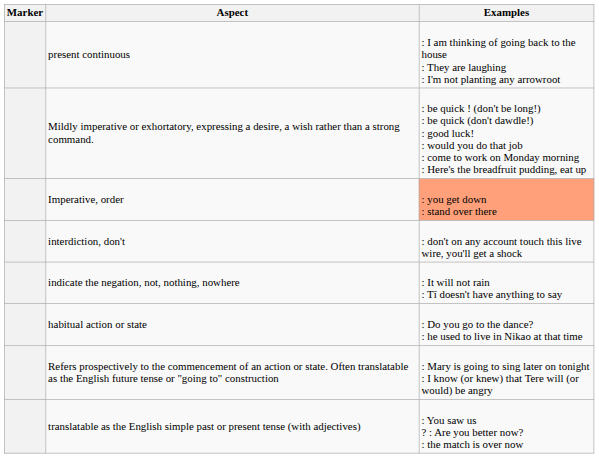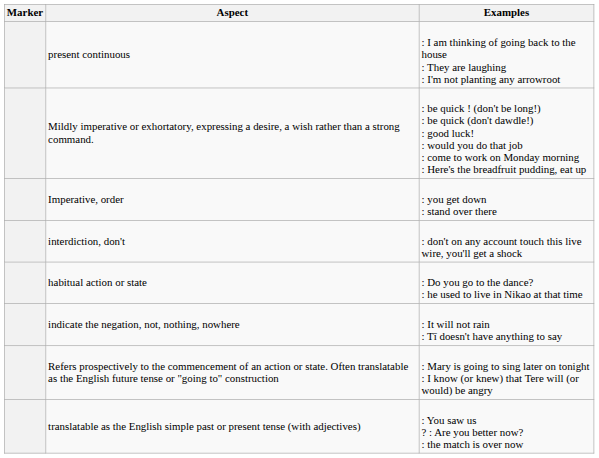 <table class="wikitable">
 <tr>
 <th>Marker</th>
 <th>Aspect</th>
 <th>Examples</th>
 </tr>
 <tr>
 <th></th>
 <td>present continuous</td>
 <td><br> : I am thinking of going back to the house <br>  : They are laughing <br>  : I'm not planting any arrowroot</td>
 </tr>
 <tr>
 <th></th>
 <td>Mildly imperative or exhortatory, expressing a desire, a wish rather than a strong command.</td>
 <td><br> : be quick ! (don't be long!) <br>  : be quick (don't dawdle!) <br>  : good luck! <br>   :  would you do that job <br>  :  come to work on Monday morning <br>  :  Here's the breadfruit pudding, eat up</td>
 </tr>
 <tr>
 <th></th>
 <td>Imperative, order</td>
-<td style="background: lightsalmon;"><br> :  you get down <br>  : stand over there</td>
+<td><br> :  you get down <br>  : stand over there</td>
 </tr>
 <tr>
 <th></th>
 <td>interdiction, don't</td>
 <td><br> :  don't on any account  touch this live wire, you'll get a shock</td>
 </tr>
 <tr>
 <th></th>
-<td>indicate the negation, not, nothing, nowhere</td>
-<td><br> : It will not rain <br>  : Tī doesn't have anything to say</td>
+<td>habitual action or state</td>
+<td><br> :  Do you go to the dance? <br>  :  he used to live in Nikao at that time</td>
 </tr>
 <tr>
 <th></th>
-<td>habitual action or state</td>
-<td><br> :  Do you go to the dance? <br>  :  he used to live in Nikao at that time</td>
+<td>indicate the negation, not, nothing, nowhere</td>
+<td><br> : It will not rain <br>  : Tī doesn't have anything to say</td>
 </tr>
 <tr>
 <th></th>
 <td>Refers prospectively to the commencement of an action or state. Often translatable as the English future tense or "going to" construction</td>
 <td><br> :  Mary is going to sing later on tonight <br>  :  I know (or knew) that Tere will (or would) be angry</td>
 </tr>
 <tr>
 <th></th>
 <td>translatable as the English simple past or present tense (with adjectives)</td>
 <td><br> : You saw us <br>  ? :  Are you better now? <br>  : the match is over now</td>
 </tr>
 </table>
